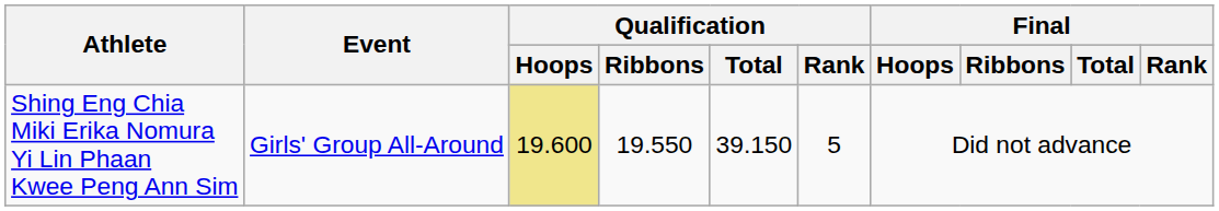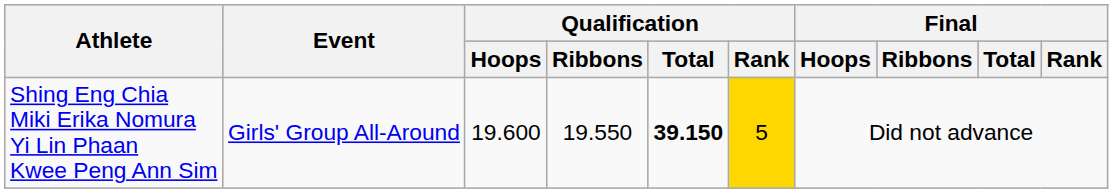 <table class="wikitable" border="1" style="font-size:90%">
 <tr>
 <th rowspan=2>Athlete</th>
 <th rowspan=2>Event</th>
 <th colspan=4>Qualification</th>
 <th colspan=4>Final</th>
 </tr>
 <tr>
 <th>Hoops</th>
 <th>Ribbons</th>
 <th>Total</th>
 <th>Rank</th>
 <th>Hoops</th>
 <th>Ribbons</th>
 <th>Total</th>
 <th>Rank</th>
 </tr>
 <tr>
 <td><a href='#'>Shing Eng Chia</a><br><a href='#'>Miki Erika Nomura</a><br><a href='#'>Yi Lin Phaan</a><br><a href='#'>Kwee Peng Ann Sim</a></td>
 <td><a href='#'>Girls' Group All-Around</a></td>
-<td align=center style="background: khaki;">19.600</td>
+<td align=center>19.600</td>
 <td align=center>19.550</td>
-<td align=center>39.150</td>
-<td align=center>5</td>
+<td align=center><strong>39.150</strong></td>
+<td align=center style="background: gold;">5</td>
 <td align=center colspan=4>Did not advance</td>
 </tr>
 </table>
